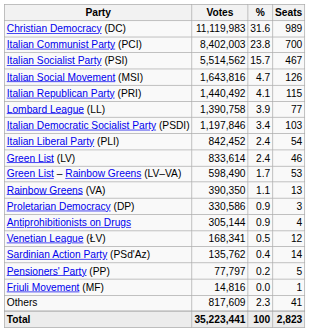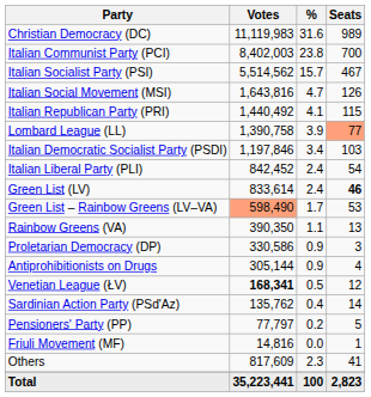 <table class="wikitable" style="font-size: 90%;">
 <tr bgcolor="#ececec">
 <th>Party</th>
 <th>Votes</th>
 <th>%</th>
 <th>Seats</th>
 </tr>
 <tr>
 <td><a href='#'>Christian Democracy</a> (DC)</td>
 <td align=right>11,119,983</td>
 <td align=right>31.6</td>
 <td align=right>989</td>
 </tr>
 <tr>
 <td><a href='#'>Italian Communist Party</a> (PCI)</td>
 <td align=right>8,402,003</td>
 <td align=right>23.8</td>
 <td align=right>700</td>
 </tr>
 <tr>
 <td><a href='#'>Italian Socialist Party</a> (PSI)</td>
 <td align=right>5,514,562</td>
 <td align=right>15.7</td>
 <td align=right>467</td>
 </tr>
 <tr>
 <td><a href='#'>Italian Social Movement</a> (MSI)</td>
 <td align=right>1,643,816</td>
 <td align=right>4.7</td>
 <td align=right>126</td>
 </tr>
 <tr>
 <td><a href='#'>Italian Republican Party</a> (PRI)</td>
 <td align=right>1,440,492</td>
 <td align=right>4.1</td>
 <td align=right>115</td>
 </tr>
 <tr>
 <td><a href='#'>Lombard League</a> (LL)</td>
 <td align=right>1,390,758</td>
 <td align=right>3.9</td>
-<td align=right>77</td>
+<td align=right style="background: lightsalmon;">77</td>
 </tr>
 <tr>
 <td><a href='#'>Italian Democratic Socialist Party</a> (PSDI)</td>
 <td align=right>1,197,846</td>
 <td align=right>3.4</td>
 <td align=right>103</td>
 </tr>
 <tr>
 <td><a href='#'>Italian Liberal Party</a> (PLI)</td>
 <td align=right>842,452</td>
 <td align=right>2.4</td>
 <td align=right>54</td>
 </tr>
 <tr>
 <td><a href='#'>Green List</a> (LV)</td>
 <td align=right>833,614</td>
 <td align=right>2.4</td>
-<td align=right>46</td>
+<td align=right><strong>46</strong></td>
 </tr>
 <tr>
 <td><a href='#'>Green List</a> – <a href='#'>Rainbow Greens</a> (LV–VA)</td>
-<td align=right>598,490</td>
+<td align=right style="background: lightsalmon;">598,490</td>
 <td align=right>1.7</td>
 <td align=right>53</td>
 </tr>
 <tr>
 <td><a href='#'>Rainbow Greens</a> (VA)</td>
 <td align=right>390,350</td>
 <td align=right>1.1</td>
 <td align=right>13</td>
 </tr>
 <tr>
 <td><a href='#'>Proletarian Democracy</a> (DP)</td>
 <td align=right>330,586</td>
 <td align=right>0.9</td>
 <td align=right>3</td>
 </tr>
 <tr>
 <td><a href='#'>Antiprohibitionists on Drugs</a></td>
 <td align=right>305,144</td>
 <td align=right>0.9</td>
 <td align=right>4</td>
 </tr>
 <tr>
 <td><a href='#'>Venetian League</a> (ŁV)</td>
-<td align=right>168,341</td>
+<td align=right><strong>168,341</strong></td>
 <td align=right>0.5</td>
 <td align=right>12</td>
 </tr>
 <tr>
 <td><a href='#'>Sardinian Action Party</a> (PSd'Az)</td>
 <td align=right>135,762</td>
 <td align=right>0.4</td>
 <td align=right>14</td>
 </tr>
 <tr>
 <td><a href='#'>Pensioners' Party</a> (PP)</td>
 <td align=right>77,797</td>
 <td align=right>0.2</td>
 <td align=right>5</td>
 </tr>
 <tr>
 <td><a href='#'>Friuli Movement</a> (MF)</td>
 <td align=right>14,816</td>
 <td align=right>0.0</td>
 <td align=right>1</td>
 </tr>
 <tr>
 <td>Others</td>
 <td align=right>817,609</td>
 <td align=right>2.3</td>
 <td align=right>41</td>
 </tr>
 <tr>
 </tr>
 <tr bgcolor="#ececec">
 <td><strong>Total</strong></td>
 <td align=right><strong>35,223,441</strong></td>
 <td align=right><strong>100</strong></td>
 <td align=right><strong>2,823</strong></td>
 </tr>
 </table>
